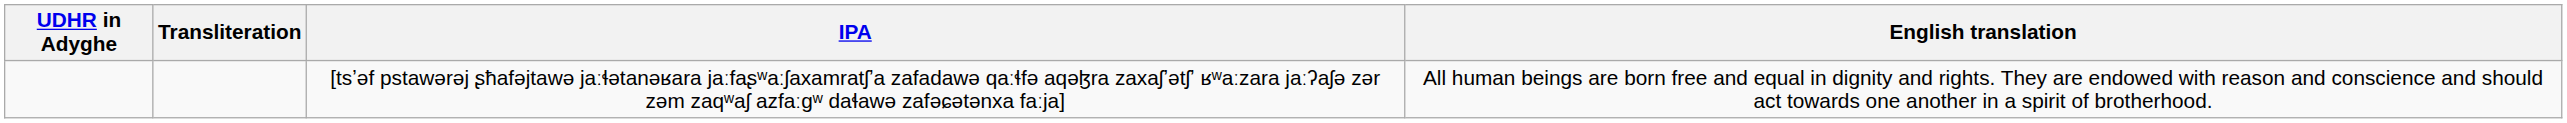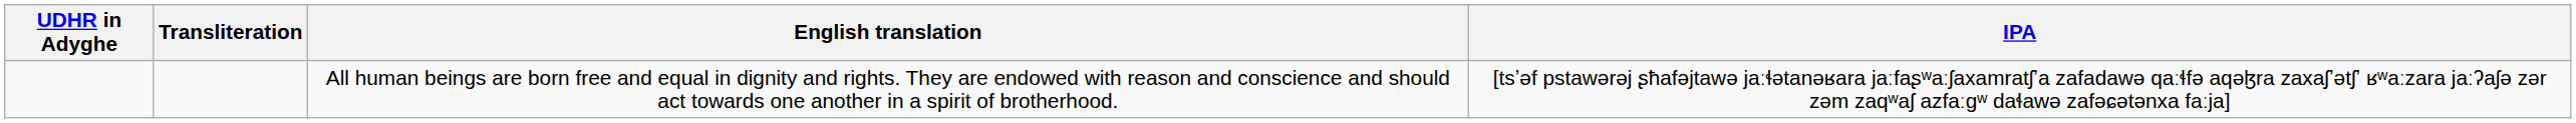 <table class="wikitable">
 <tr>
 <th><a href='#'>UDHR</a> in Adyghe</th>
 <th>Transliteration</th>
+<th>English translation</th>
 <th><a href='#'>IPA</a></th>
-<th>English translation</th>
 </tr>
 <tr style="vertical-align:top;text-align:center;">
 <td></td>
 <td></td>
+<td>All human beings are born free and equal in dignity and rights. They are endowed with reason and conscience and should act towards one another in a spirit of brotherhood.</td>
 <td>[tsʼəf pstawərəj ʂħafəjtawə jaːɬətanəʁara jaːfaʂʷaːʃaxamratʃʼa zafadawə qaːɬfə aqəɮra zaxaʃʼətʃʼ ʁʷaːzara jaːʔaʃə zər zəm zaqʷaʃ azfaːgʷ daɬawə zafəɕətənxa faːja]</td>
-<td>All human beings are born free and equal in dignity and rights. They are endowed with reason and conscience and should act towards one another in a spirit of brotherhood.</td>
 </tr>
 </table>
